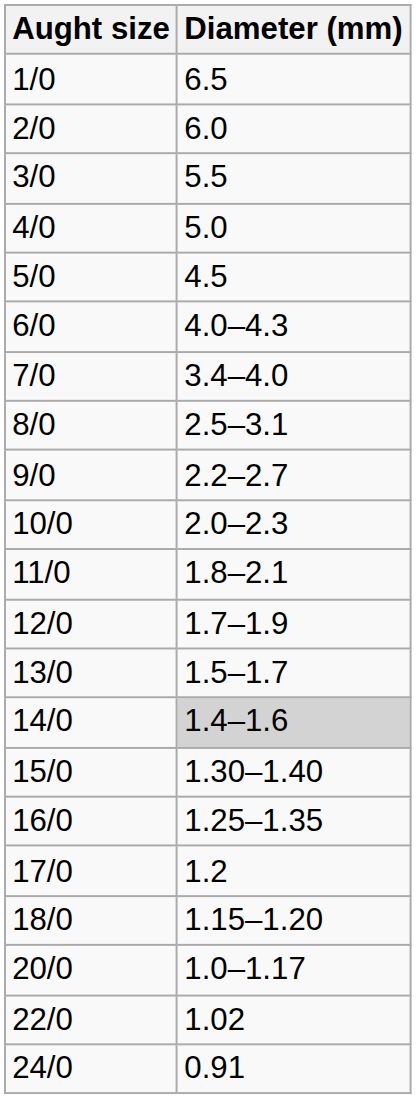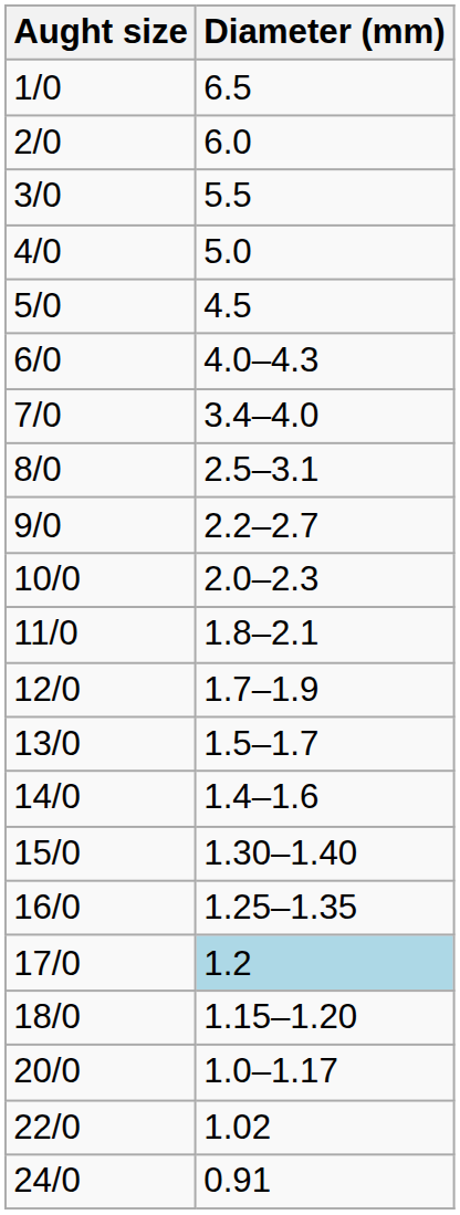 <table class="wikitable">
 <tr>
 <th>Aught size</th>
 <th>Diameter (mm)</th>
 </tr>
 <tr>
 <td>1/0</td>
 <td>6.5</td>
 </tr>
 <tr>
 <td>2/0</td>
 <td>6.0</td>
 </tr>
 <tr>
 <td>3/0</td>
 <td>5.5</td>
 </tr>
 <tr>
 <td>4/0</td>
 <td>5.0</td>
 </tr>
 <tr>
 <td>5/0</td>
 <td>4.5</td>
 </tr>
 <tr>
 <td>6/0</td>
 <td>4.0–4.3</td>
 </tr>
 <tr>
 <td>7/0</td>
 <td>3.4–4.0</td>
 </tr>
 <tr>
 <td>8/0</td>
 <td>2.5–3.1</td>
 </tr>
 <tr>
 <td>9/0</td>
 <td>2.2–2.7</td>
 </tr>
 <tr>
 <td>10/0</td>
 <td>2.0–2.3</td>
 </tr>
 <tr>
 <td>11/0</td>
 <td>1.8–2.1</td>
 </tr>
 <tr>
 <td>12/0</td>
 <td>1.7–1.9</td>
 </tr>
 <tr>
 <td>13/0</td>
 <td>1.5–1.7</td>
 </tr>
 <tr>
 <td>14/0</td>
-<td style="background: lightgrey;">1.4–1.6</td>
+<td>1.4–1.6</td>
 </tr>
 <tr>
 <td>15/0</td>
 <td>1.30–1.40</td>
 </tr>
 <tr>
 <td>16/0</td>
 <td>1.25–1.35</td>
 </tr>
 <tr>
 <td>17/0</td>
-<td>1.2</td>
+<td style="background: lightblue;">1.2</td>
 </tr>
 <tr>
 <td>18/0</td>
 <td>1.15–1.20</td>
 </tr>
 <tr>
 <td>20/0</td>
 <td>1.0–1.17</td>
 </tr>
 <tr>
 <td>22/0</td>
 <td>1.02</td>
 </tr>
 <tr>
 <td>24/0</td>
 <td>0.91</td>
 </tr>
 </table>
